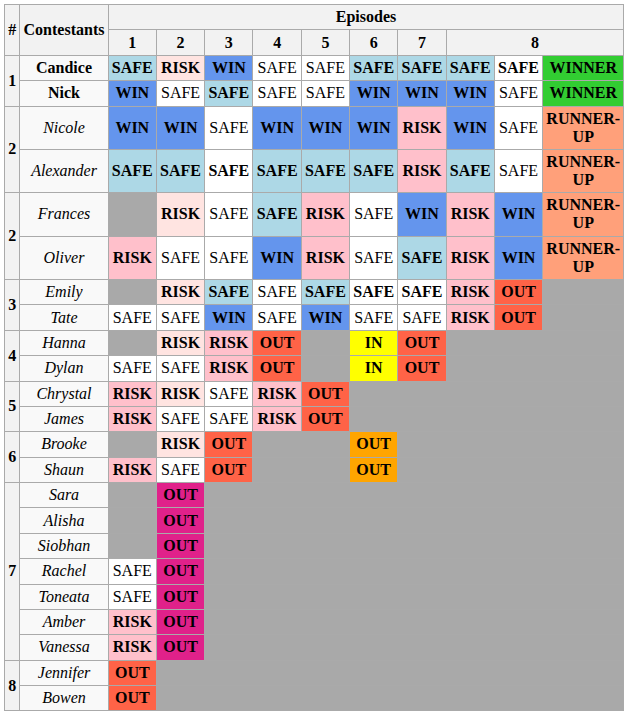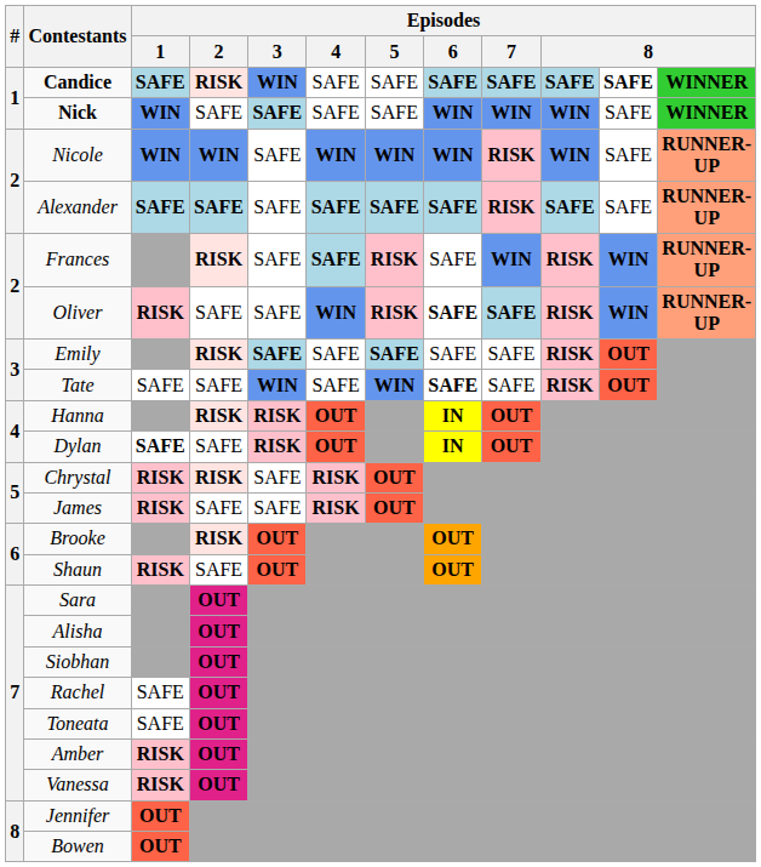 <table class="wikitable" style="text-align:center">
 <tr>
 <th rowspan="2">#</th>
 <th rowspan="2">Contestants</th>
 <th colspan="17">Episodes</th>
 </tr>
 <tr>
 <th>1</th>
 <th>2</th>
 <th>3</th>
 <th>4</th>
 <th>5</th>
 <th>6</th>
 <th>7</th>
 <th colspan="3">8</th>
 </tr>
 <tr>
 <th rowspan="2">1</th>
 <td><strong>Candice</strong></td>
 <td bgcolor="lightblue"><strong>SAFE</strong></td>
 <td bgcolor="mistyrose"><strong>RISK</strong></td>
 <td bgcolor="cornflowerblue"><strong>WIN</strong></td>
 <td bgcolor="white">SAFE</td>
 <td bgcolor="white">SAFE</td>
 <td bgcolor="lightblue"><strong>SAFE</strong></td>
 <td bgcolor="lightblue"><strong>SAFE</strong></td>
 <td bgcolor="lightblue"><strong>SAFE</strong></td>
 <td bgcolor="white"><strong>SAFE</strong></td>
 <td bgcolor="limegreen"><strong>WINNER</strong></td>
 </tr>
 <tr>
 <td><strong>Nick</strong></td>
 <td bgcolor="cornflowerblue"><strong>WIN</strong></td>
 <td bgcolor="white">SAFE</td>
 <td bgcolor="lightblue"><strong>SAFE</strong></td>
 <td bgcolor="white">SAFE</td>
 <td bgcolor="white">SAFE</td>
 <td bgcolor="cornflowerblue"><strong>WIN</strong></td>
 <td bgcolor="cornflowerblue"><strong>WIN</strong></td>
 <td bgcolor="cornflowerblue"><strong>WIN</strong></td>
 <td bgcolor="white">SAFE</td>
 <td bgcolor="limegreen"><strong>WINNER</strong></td>
 </tr>
 <tr>
 <th rowspan="2">2</th>
 <td><em>Nicole</em></td>
 <td bgcolor="cornflowerblue"><strong>WIN</strong></td>
 <td bgcolor="cornflowerblue"><strong>WIN</strong></td>
 <td bgcolor="white">SAFE</td>
 <td bgcolor="cornflowerblue"><strong>WIN</strong></td>
 <td bgcolor="cornflowerblue"><strong>WIN</strong></td>
 <td bgcolor="cornflowerblue"><strong>WIN</strong></td>
 <td bgcolor="pink"><strong>RISK</strong></td>
 <td bgcolor="cornflowerblue"><strong>WIN</strong></td>
 <td bgcolor="white">SAFE</td>
 <td bgcolor="lightsalmon"><strong>RUNNER-UP</strong></td>
 </tr>
 <tr>
 <td><em>Alexander</em></td>
 <td bgcolor="lightblue"><strong>SAFE</strong></td>
 <td bgcolor="lightblue"><strong>SAFE</strong></td>
-<td bgcolor="white"><strong>SAFE</strong></td>
+<td bgcolor="white">SAFE</td>
 <td bgcolor="lightblue"><strong>SAFE</strong></td>
 <td bgcolor="lightblue"><strong>SAFE</strong></td>
 <td bgcolor="lightblue"><strong>SAFE</strong></td>
 <td bgcolor="pink"><strong>RISK</strong></td>
 <td bgcolor="lightblue"><strong>SAFE</strong></td>
 <td bgcolor="white">SAFE</td>
 <td bgcolor="lightsalmon"><strong>RUNNER-UP</strong></td>
 </tr>
 <tr>
 <th rowspan="2">2</th>
 <td><em>Frances</em></td>
 <td bgcolor="darkgray" colspan="1"></td>
 <td bgcolor="mistyrose"><strong>RISK</strong></td>
 <td bgcolor="white">SAFE</td>
 <td bgcolor="lightblue"><strong>SAFE</strong></td>
 <td bgcolor="pink"><strong>RISK</strong></td>
 <td bgcolor="white">SAFE</td>
 <td bgcolor="cornflowerblue"><strong>WIN</strong></td>
 <td bgcolor="pink"><strong>RISK</strong></td>
 <td bgcolor="cornflowerblue"><strong>WIN</strong></td>
 <td bgcolor="lightsalmon"><strong>RUNNER-UP</strong></td>
 </tr>
 <tr>
 <td><em>Oliver</em></td>
 <td bgcolor="pink"><strong>RISK</strong></td>
 <td bgcolor="white">SAFE</td>
 <td bgcolor="white">SAFE</td>
 <td bgcolor="cornflowerblue"><strong>WIN</strong></td>
 <td bgcolor="pink"><strong>RISK</strong></td>
-<td bgcolor="white">SAFE</td>
+<td bgcolor="white"><strong>SAFE</strong></td>
 <td bgcolor="lightblue"><strong>SAFE</strong></td>
 <td bgcolor="pink"><strong>RISK</strong></td>
 <td bgcolor="cornflowerblue"><strong>WIN</strong></td>
 <td bgcolor="lightsalmon"><strong>RUNNER-UP</strong></td>
 </tr>
 <tr>
 <th rowspan="2">3</th>
 <td><em>Emily</em></td>
 <td bgcolor="darkgray" colspan="1"></td>
 <td bgcolor="mistyrose"><strong>RISK</strong></td>
 <td bgcolor="lightblue"><strong>SAFE</strong></td>
 <td bgcolor="white">SAFE</td>
 <td bgcolor="lightblue"><strong>SAFE</strong></td>
-<td bgcolor="white"><strong>SAFE</strong></td>
-<td bgcolor="white"><strong>SAFE</strong></td>
+<td bgcolor="white">SAFE</td>
+<td bgcolor="white">SAFE</td>
 <td bgcolor="pink"><strong>RISK</strong></td>
 <td bgcolor="tomato"><strong>OUT</strong></td>
 <td bgcolor="darkgray" colspan="1"></td>
 </tr>
 <tr>
 <td><em>Tate</em></td>
 <td bgcolor="white">SAFE</td>
 <td bgcolor="white">SAFE</td>
 <td bgcolor="cornflowerblue"><strong>WIN</strong></td>
 <td bgcolor="white">SAFE</td>
 <td bgcolor="cornflowerblue"><strong>WIN</strong></td>
-<td bgcolor="white">SAFE</td>
+<td bgcolor="white"><strong>SAFE</strong></td>
 <td bgcolor="white">SAFE</td>
 <td bgcolor="pink"><strong>RISK</strong></td>
 <td bgcolor="tomato"><strong>OUT</strong></td>
 <td bgcolor="darkgray" colspan="1"></td>
 </tr>
 <tr>
 <th rowspan="2">4</th>
 <td><em>Hanna</em></td>
 <td bgcolor="darkgray" colspan="1"></td>
 <td bgcolor="mistyrose"><strong>RISK</strong></td>
 <td bgcolor="pink"><strong>RISK</strong></td>
 <td bgcolor="tomato"><strong>OUT</strong></td>
 <td bgcolor="darkgray" colspan="1"> </td>
 <td bgcolor="yellow"><strong>IN</strong></td>
 <td bgcolor="tomato"><strong>OUT</strong></td>
 <td bgcolor="darkgray" colspan="20"></td>
 </tr>
 <tr>
 <td><em>Dylan</em></td>
-<td bgcolor="white">SAFE</td>
+<td bgcolor="white"><strong>SAFE</strong></td>
 <td bgcolor="white">SAFE</td>
 <td bgcolor="pink"><strong>RISK</strong></td>
 <td bgcolor="tomato"><strong>OUT</strong></td>
 <td bgcolor="darkgray" colspan="1"> </td>
 <td bgcolor="yellow"><strong>IN</strong></td>
 <td bgcolor="tomato"><strong>OUT</strong></td>
 <td bgcolor="darkgray" colspan="20"></td>
 </tr>
 <tr>
 <th rowspan="2">5</th>
 <td><em>Chrystal</em></td>
 <td bgcolor="pink"><strong>RISK</strong></td>
 <td bgcolor="mistyrose"><strong>RISK</strong></td>
 <td bgcolor="white">SAFE</td>
 <td bgcolor="pink"><strong>RISK</strong></td>
 <td bgcolor="tomato"><strong>OUT</strong></td>
 <td bgcolor="darkgray" colspan="20"></td>
 </tr>
 <tr>
 <td><em>James</em></td>
 <td bgcolor="pink"><strong>RISK</strong></td>
 <td bgcolor="white">SAFE</td>
 <td bgcolor="white">SAFE</td>
 <td bgcolor="pink"><strong>RISK</strong></td>
 <td bgcolor="tomato"><strong>OUT</strong></td>
 <td bgcolor="darkgray" colspan="20"></td>
 </tr>
 <tr>
 <th rowspan="2">6</th>
 <td><em>Brooke</em></td>
 <td bgcolor="darkgray" colspan="1"></td>
 <td bgcolor="mistyrose"><strong>RISK</strong></td>
 <td bgcolor="tomato"><strong>OUT</strong></td>
 <td bgcolor="darkgray" colspan="2"> </td>
 <td bgcolor="orange"><strong>OUT</strong></td>
 <td bgcolor="darkgray" colspan="20"></td>
 </tr>
 <tr>
 <td><em>Shaun</em></td>
 <td bgcolor="pink"><strong>RISK</strong></td>
 <td bgcolor="white">SAFE</td>
 <td bgcolor="tomato"><strong>OUT</strong></td>
 <td bgcolor="darkgray" colspan="2"> </td>
 <td bgcolor="orange"><strong>OUT</strong></td>
 <td bgcolor="darkgray" colspan="20"></td>
 </tr>
 <tr>
 <th rowspan="8">7</th>
 </tr>
 <tr>
 <td><em>Sara</em></td>
 <td bgcolor="darkgray" colspan="1"></td>
 <td bgcolor="#E0218A"><span><strong>OUT</strong></span></td>
 <td bgcolor="darkgray" colspan="20"></td>
 </tr>
 <tr>
 <td><em>Alisha</em></td>
 <td bgcolor="darkgray" colspan="1"></td>
 <td bgcolor="#E0218A"><span><strong>OUT</strong></span></td>
 <td bgcolor="darkgray" colspan="20"></td>
 </tr>
 <tr>
 <td><em>Siobhan</em></td>
 <td bgcolor="darkgray" colspan="1"></td>
 <td bgcolor="#E0218A"><span><strong>OUT</strong></span></td>
 <td bgcolor="darkgray" colspan="20"></td>
 </tr>
 <tr>
 <td><em>Rachel</em></td>
 <td bgcolor="white">SAFE</td>
 <td bgcolor="#E0218A"><span><strong>OUT</strong></span></td>
 <td bgcolor="darkgray" colspan="20"></td>
 </tr>
 <tr>
 <td><em>Toneata</em></td>
 <td bgcolor="white">SAFE</td>
 <td bgcolor="#E0218A"><span><strong>OUT</strong></span></td>
 <td bgcolor="darkgray" colspan="20"></td>
 </tr>
 <tr>
 <td><em>Amber</em></td>
 <td bgcolor="pink"><strong>RISK</strong></td>
 <td bgcolor="#E0218A"><span><strong>OUT</strong></span></td>
 <td bgcolor="darkgray" colspan="20"></td>
 </tr>
 <tr>
 <td><em>Vanessa</em></td>
 <td bgcolor="pink"><strong>RISK</strong></td>
 <td bgcolor="#E0218A"><span><strong>OUT</strong></span></td>
 <td bgcolor="darkgray" colspan="20"></td>
 </tr>
 <tr>
 <th rowspan="2">8</th>
 <td><em>Jennifer</em></td>
 <td bgcolor="tomato"><strong>OUT</strong></td>
 <td bgcolor="darkgray" colspan="20"></td>
 </tr>
 <tr>
 <td><em>Bowen</em></td>
 <td bgcolor="tomato"><strong>OUT</strong></td>
 <td bgcolor="darkgray" colspan="20"></td>
 </tr>
 </table>
